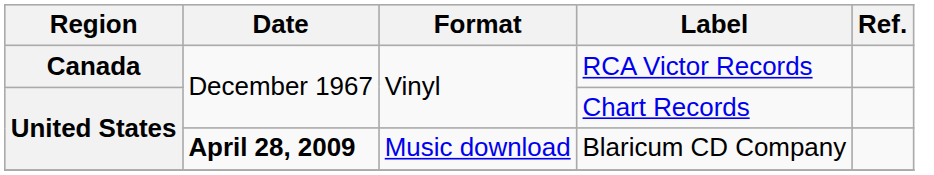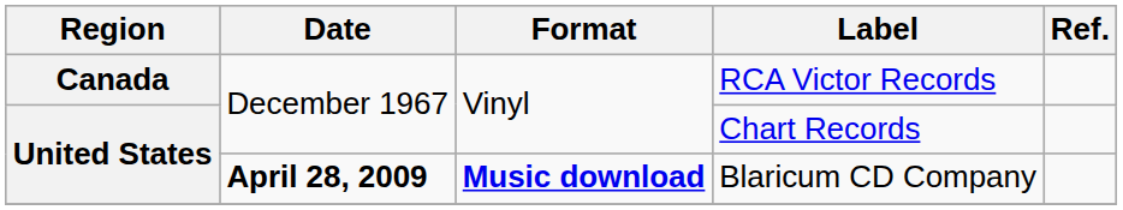 <table class="wikitable plainrowheaders">
 <tr>
 <th scope="col">Region</th>
 <th scope="col">Date</th>
 <th scope="col">Format</th>
 <th scope="col">Label</th>
 <th scope="col">Ref.</th>
 </tr>
 <tr>
 <th scope="row">Canada</th>
 <td rowspan="2">December 1967</td>
 <td rowspan="2">Vinyl</td>
 <td><a href='#'>RCA Victor Records</a></td>
 <td></td>
 </tr>
 <tr>
 <th scope="row" rowspan="2">United States</th>
 <td><a href='#'>Chart Records</a></td>
 <td></td>
 </tr>
 <tr>
 <td><strong>April 28, 2009</strong></td>
-<td><a href='#'>Music download</a></td>
+<td><strong><a href='#'>Music download</a></strong></td>
 <td>Blaricum CD Company</td>
 <td></td>
 </tr>
 <tr>
 </tr>
 </table>
